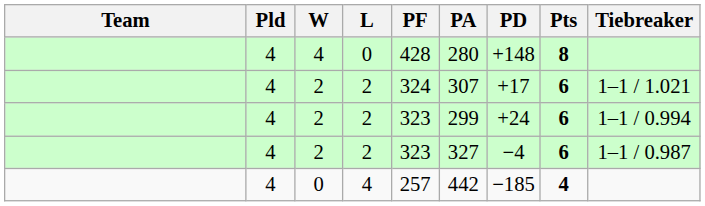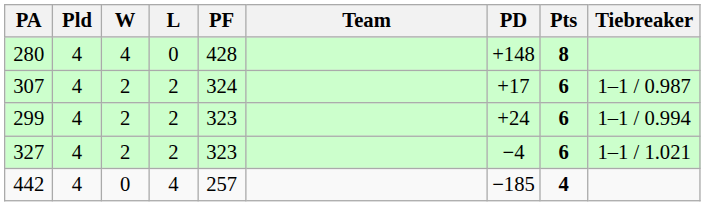 <table class=wikitable style="text-align:center">
 <tr>
-<th width=180>Team</th>
+<th width=30>PA</th>
 <th width=30>Pld</th>
 <th width=30>W</th>
 <th width=30>L</th>
 <th width=30>PF</th>
-<th width=30>PA</th>
+<th width=180>Team</th>
 <th width=30>PD</th>
 <th width=30>Pts</th>
 <th width=80>Tiebreaker</th>
 </tr>
 <tr bgcolor="#ccffcc">
-<td align="left"></td>
+<td>280</td>
 <td>4</td>
 <td>4</td>
 <td>0</td>
 <td>428</td>
-<td>280</td>
+<td align="left"></td>
 <td>+148</td>
 <td><strong>8</strong></td>
 <td></td>
 </tr>
 <tr bgcolor="#ccffcc">
-<td align="left"></td>
+<td>307</td>
 <td>4</td>
 <td>2</td>
 <td>2</td>
 <td>324</td>
-<td>307</td>
+<td align="left"></td>
 <td>+17</td>
 <td><strong>6</strong></td>
-<td>1–1 / 1.021</td>
+<td>1–1 / 0.987</td>
 </tr>
 <tr bgcolor="#ccffcc">
-<td align="left"></td>
+<td>299</td>
 <td>4</td>
 <td>2</td>
 <td>2</td>
 <td>323</td>
-<td>299</td>
+<td align="left"></td>
 <td>+24</td>
 <td><strong>6</strong></td>
 <td>1–1 / 0.994</td>
 </tr>
 <tr bgcolor="#ccffcc">
-<td align="left"></td>
+<td>327</td>
 <td>4</td>
 <td>2</td>
 <td>2</td>
 <td>323</td>
-<td>327</td>
+<td align="left"></td>
 <td>−4</td>
 <td><strong>6</strong></td>
-<td>1–1 / 0.987</td>
+<td>1–1 / 1.021</td>
 </tr>
 <tr>
-<td align="left"></td>
+<td>442</td>
 <td>4</td>
 <td>0</td>
 <td>4</td>
 <td>257</td>
-<td>442</td>
+<td align="left"></td>
 <td>−185</td>
 <td><strong>4</strong></td>
 <td></td>
 </tr>
 </table>
